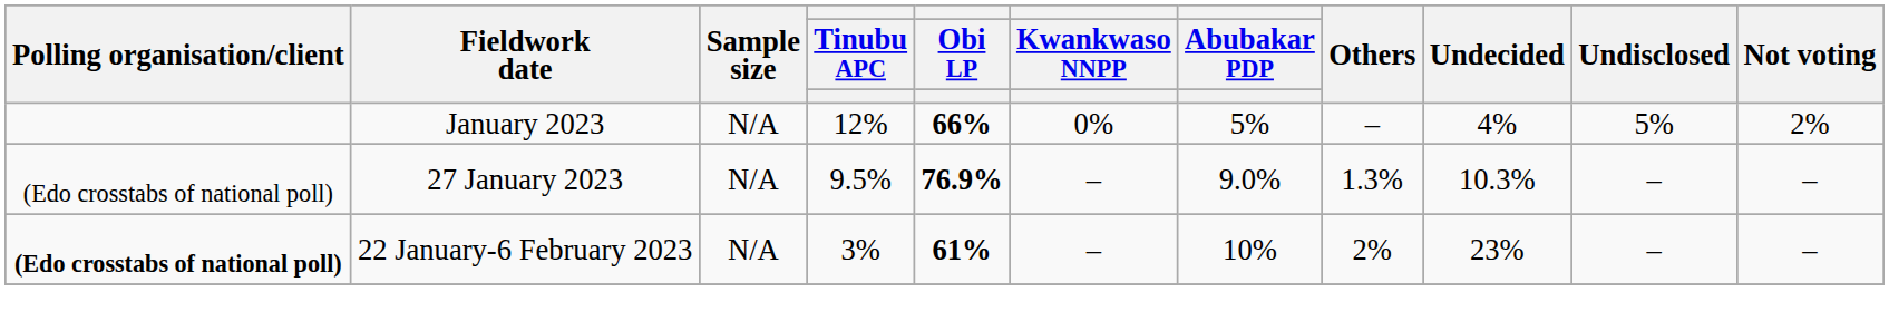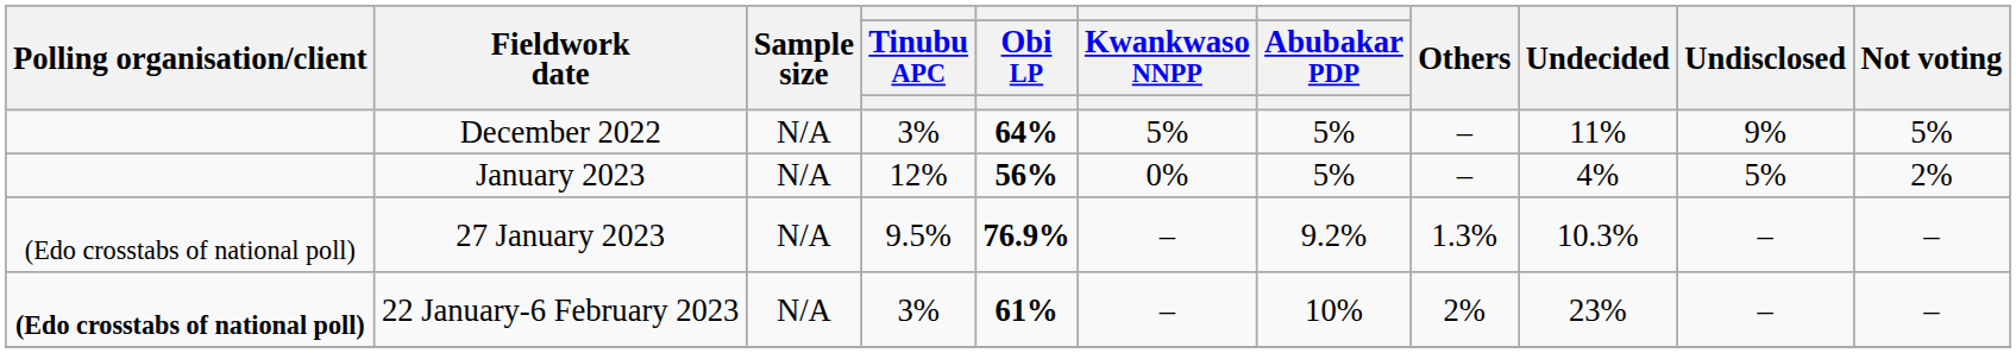 <table class="wikitable" style="text-align:center;font-size:95%;line-height:14px;">
 <tr>
 <th rowspan="3">Polling organisation/client</th>
 <th rowspan="3">Fieldwork<br>date</th>
 <th rowspan="3">Sample<br>size</th>
 <th></th>
 <th></th>
 <th></th>
 <th></th>
 <th rowspan="3">Others</th>
 <th rowspan="3">Undecided</th>
 <th rowspan="3">Undisclosed</th>
 <th rowspan="3">Not voting</th>
 </tr>
 <tr>
 <th><a href='#'>Tinubu</a><br><small><a href='#'>APC</a></small></th>
 <th><a href='#'>Obi</a><br><small><a href='#'>LP</a></small></th>
 <th><a href='#'>Kwankwaso</a><br><small><a href='#'>NNPP</a></small></th>
 <th><a href='#'>Abubakar</a><br><small><a href='#'>PDP</a></small></th>
 </tr>
 <tr>
 <th style="background:"></th>
 <th style="background:"></th>
 <th style="background:"></th>
 <th style="background:"></th>
 </tr>
 <tr>
 <td></td>
+<td>December 2022</td>
+<td>N/A</td>
+<td>3%</td>
+<td><strong>64%</strong></td>
+<td>5%</td>
+<td>5%</td>
+<td>–</td>
+<td>11%</td>
+<td>9%</td>
+<td>5%</td>
+</tr>
+<tr>
+<td></td>
 <td>January 2023</td>
 <td>N/A</td>
 <td>12%</td>
-<td><strong>66%</strong></td>
+<td><strong>56%</strong></td>
 <td>0%</td>
 <td>5%</td>
 <td>–</td>
 <td>4%</td>
 <td>5%</td>
 <td>2%</td>
 </tr>
 <tr>
 <td><br><small>(Edo crosstabs of national poll)</small></td>
 <td>27 January 2023</td>
 <td>N/A</td>
 <td>9.5%</td>
 <td><strong>76.9%</strong></td>
 <td>–</td>
-<td>9.0%</td>
+<td>9.2%</td>
 <td>1.3%</td>
 <td>10.3%</td>
 <td>–</td>
 <td>–</td>
 </tr>
 <tr>
 <td><strong><br><small>(Edo crosstabs of national poll)</small></strong></td>
 <td>22 January-6 February 2023</td>
 <td>N/A</td>
 <td>3%</td>
 <td><strong>61%</strong></td>
 <td>–</td>
 <td>10%</td>
 <td>2%</td>
 <td>23%</td>
 <td>–</td>
 <td>–</td>
 </tr>
 <tr>
 </tr>
 </table>
